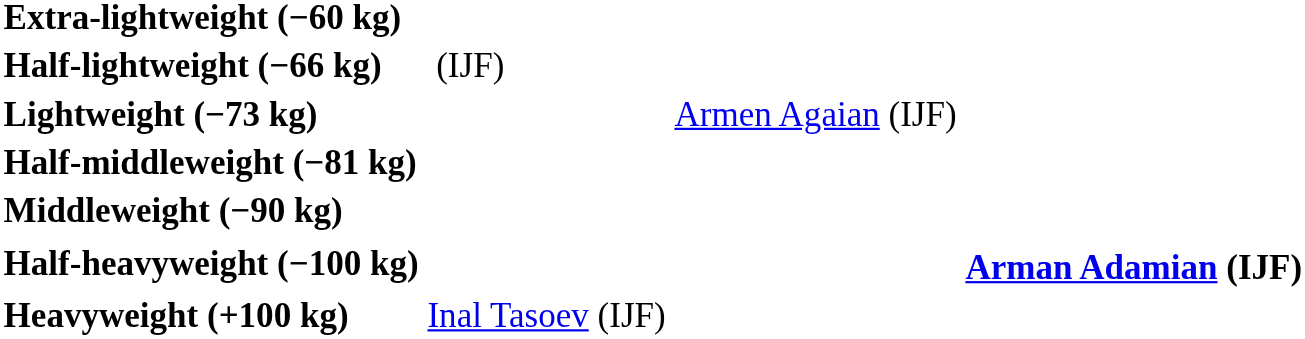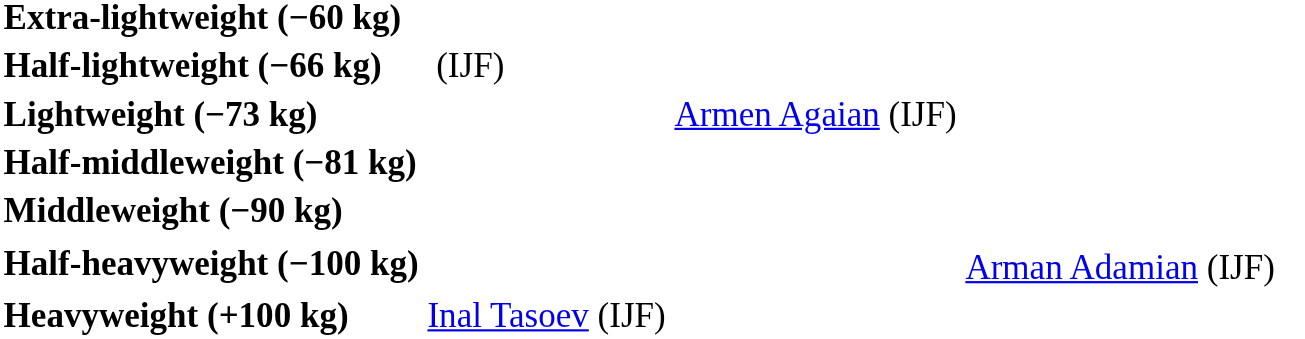 <table>
 <tr>
 <th rowspan=2 style="text-align:left;">Extra-lightweight (−60 kg)</th>
 <td rowspan=2></td>
 <td rowspan=2></td>
 <td></td>
 </tr>
 <tr>
 <td></td>
 </tr>
 <tr>
 <th rowspan=2 style="text-align:left;">Half-lightweight (−66 kg)</th>
 <td rowspan=2>  <span>(<abbr>IJF</abbr>)</span></td>
 <td rowspan=2></td>
 <td></td>
 </tr>
 <tr>
 <td></td>
 </tr>
 <tr>
 <th rowspan=2 style="text-align:left;">Lightweight (−73 kg)</th>
 <td rowspan=2></td>
 <td rowspan=2> <a href='#'>Armen Agaian</a> <span>(<abbr>IJF</abbr>)</span></td>
 <td></td>
 </tr>
 <tr>
 <td></td>
 </tr>
 <tr>
 <th rowspan=2 style="text-align:left;">Half-middleweight (−81 kg)</th>
 <td rowspan=2></td>
 <td rowspan=2></td>
 <td></td>
 </tr>
 <tr>
 <td></td>
 </tr>
 <tr>
 <th rowspan=2 style="text-align:left;">Middleweight (−90 kg)</th>
 <td rowspan=2></td>
 <td rowspan=2></td>
 <td></td>
 </tr>
 <tr>
 <td></td>
 </tr>
 <tr>
 <th rowspan=2 style="text-align:left;">Half-heavyweight (−100 kg)</th>
 <td rowspan=2></td>
 <td rowspan=2></td>
 <td></td>
 </tr>
 <tr>
-<td><strong> <a href='#'>Arman Adamian</a> <span>(<abbr>IJF</abbr>)</span></strong></td>
+<td> <a href='#'>Arman Adamian</a> <span>(<abbr>IJF</abbr>)</span></td>
 </tr>
 <tr>
 <th rowspan=2 style="text-align:left;">Heavyweight (+100 kg)</th>
 <td rowspan=2> <a href='#'>Inal Tasoev</a> <span>(<abbr>IJF</abbr>)</span></td>
 <td rowspan=2></td>
 <td></td>
 </tr>
 <tr>
 <td></td>
 </tr>
 </table>
